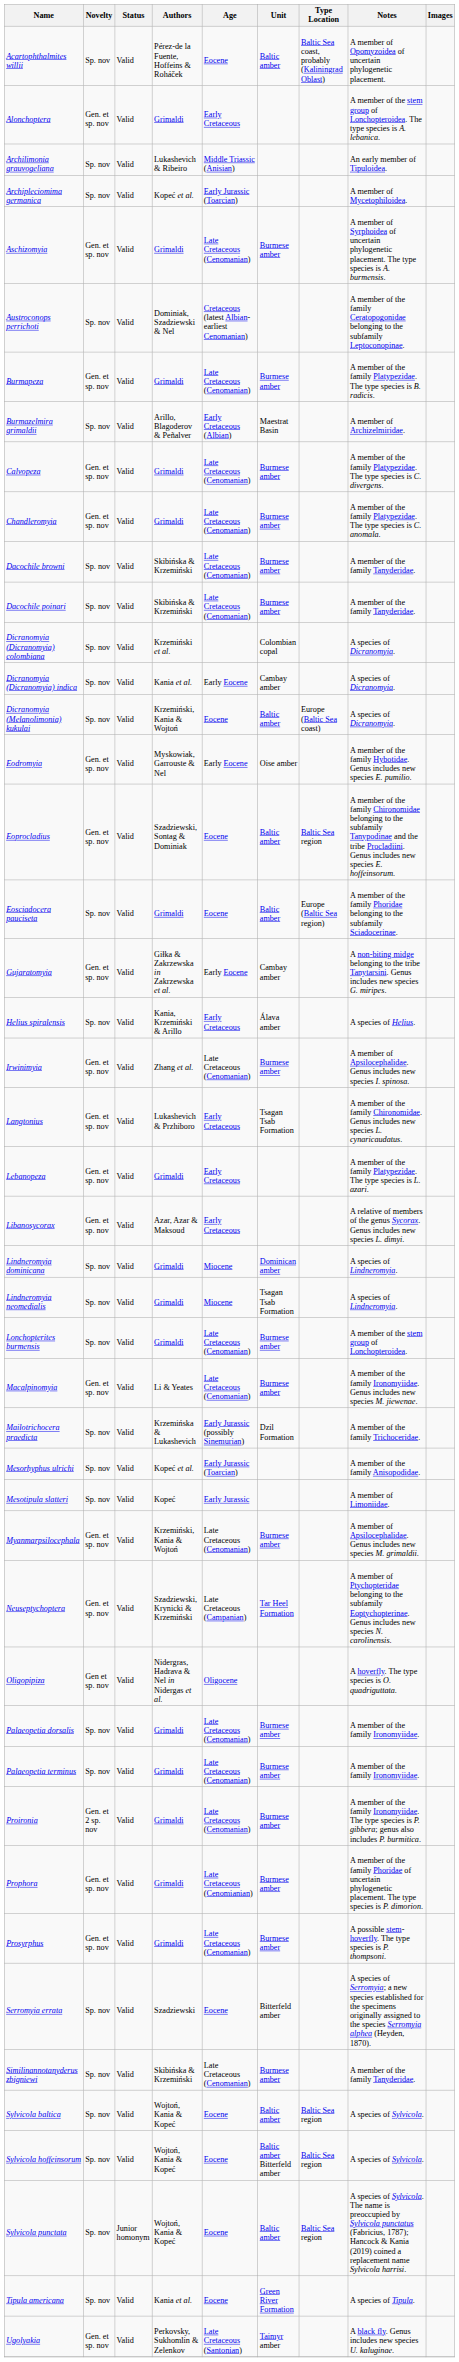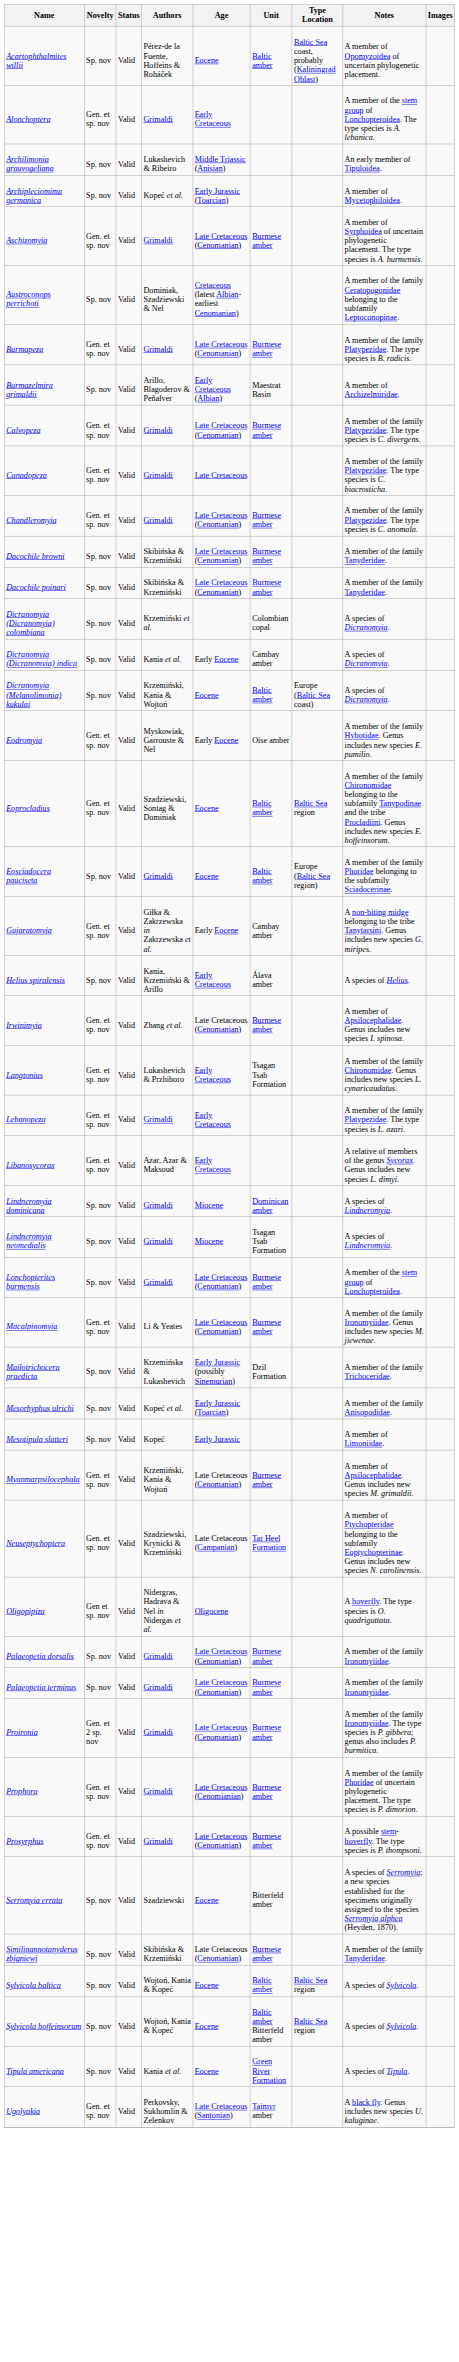 <table class="wikitable sortable" align="center" width="100%">
 <tr>
 <th>Name</th>
 <th>Novelty</th>
 <th>Status</th>
 <th>Authors</th>
 <th>Age</th>
 <th>Unit</th>
 <th>Type Location</th>
 <th>Notes</th>
 <th>Images</th>
 </tr>
 <tr>
 <td><br><em><a href='#'>Acartophthalmites willii</a></em></td>
 <td><br>Sp. nov</td>
 <td><br>Valid</td>
 <td><br>Pérez-de la Fuente, Hoffeins & Roháček</td>
 <td><br><a href='#'>Eocene</a></td>
 <td><br><a href='#'>Baltic amber</a></td>
 <td><br><a href='#'>Baltic Sea</a> coast, probably  (<a href='#'>Kaliningrad Oblast</a>)</td>
 <td><br>A member of <a href='#'>Opomyzoidea</a> of uncertain phylogenetic placement.</td>
 <td></td>
 </tr>
 <tr>
 <td><br><em><a href='#'>Alonchoptera</a></em></td>
 <td><br>Gen. et sp. nov</td>
 <td><br>Valid</td>
 <td><br><a href='#'>Grimaldi</a></td>
 <td><br><a href='#'>Early Cretaceous</a></td>
 <td></td>
 <td><br></td>
 <td><br>A member of the <a href='#'>stem group</a> of <a href='#'>Lonchopteroidea</a>. The type species is <em>A. lebanica</em>.</td>
 <td></td>
 </tr>
 <tr>
 <td><br><em><a href='#'>Archilimonia grauvogeliana</a></em></td>
 <td><br>Sp. nov</td>
 <td><br>Valid</td>
 <td><br>Lukashevich & Ribeiro</td>
 <td><br><a href='#'>Middle Triassic</a> (<a href='#'>Anisian</a>)</td>
 <td></td>
 <td><br></td>
 <td><br>An early member of <a href='#'>Tipuloidea</a>.</td>
 <td></td>
 </tr>
 <tr>
 <td><br><em><a href='#'>Archipleciomima germanica</a></em></td>
 <td><br>Sp. nov</td>
 <td><br>Valid</td>
 <td><br>Kopeć <em>et al.</em></td>
 <td><br><a href='#'>Early Jurassic</a> (<a href='#'>Toarcian</a>)</td>
 <td></td>
 <td><br></td>
 <td><br>A member of <a href='#'>Mycetophiloidea</a>.</td>
 <td></td>
 </tr>
 <tr>
 <td><br><em><a href='#'>Aschizomyia</a></em></td>
 <td><br>Gen. et sp. nov</td>
 <td><br>Valid</td>
 <td><br><a href='#'>Grimaldi</a></td>
 <td><br><a href='#'>Late Cretaceous</a> (<a href='#'>Cenomanian</a>)</td>
 <td><br><a href='#'>Burmese amber</a></td>
 <td><br></td>
 <td><br>A member of <a href='#'>Syrphoidea</a> of uncertain phylogenetic placement. The type species is <em>A. burmensis</em>.</td>
 <td></td>
 </tr>
 <tr>
 <td><br><em><a href='#'>Austroconops perrichoti</a></em></td>
 <td><br>Sp. nov</td>
 <td><br>Valid</td>
 <td><br>Dominiak, Szadziewski & Nel</td>
 <td><br><a href='#'>Cretaceous</a> (latest <a href='#'>Albian</a>-earliest <a href='#'>Cenomanian</a>)</td>
 <td></td>
 <td><br></td>
 <td><br>A member of the family <a href='#'>Ceratopogonidae</a> belonging to the subfamily <a href='#'>Leptoconopinae</a>.</td>
 <td></td>
 </tr>
 <tr>
 <td><br><em><a href='#'>Burmapeza</a></em></td>
 <td><br>Gen. et sp. nov</td>
 <td><br>Valid</td>
 <td><br><a href='#'>Grimaldi</a></td>
 <td><br><a href='#'>Late Cretaceous</a> (<a href='#'>Cenomanian</a>)</td>
 <td><br><a href='#'>Burmese amber</a></td>
 <td><br></td>
 <td><br>A member of the family <a href='#'>Platypezidae</a>. The type species is <em>B. radicis</em>.</td>
 <td></td>
 </tr>
 <tr>
 <td><br><em><a href='#'>Burmazelmira grimaldii</a></em></td>
 <td><br>Sp. nov</td>
 <td><br>Valid</td>
 <td><br>Arillo, Blagoderov & Peñalver</td>
 <td><br><a href='#'>Early Cretaceous</a> (<a href='#'>Albian</a>)</td>
 <td><br>Maestrat Basin</td>
 <td><br></td>
 <td><br>A member of <a href='#'>Archizelmiridae</a>.</td>
 <td></td>
 </tr>
 <tr>
 <td><br><em><a href='#'>Calvopeza</a></em></td>
 <td><br>Gen. et sp. nov</td>
 <td><br>Valid</td>
 <td><br><a href='#'>Grimaldi</a></td>
 <td><br><a href='#'>Late Cretaceous</a> (<a href='#'>Cenomanian</a>)</td>
 <td><br><a href='#'>Burmese amber</a></td>
 <td><br></td>
 <td><br>A member of the family <a href='#'>Platypezidae</a>. The type species is <em>C. divergens</em>.</td>
+<td></td>
+</tr>
+<tr>
+<td><br><em><a href='#'>Canadopeza</a></em></td>
+<td><br>Gen. et sp. nov</td>
+<td><br>Valid</td>
+<td><br><a href='#'>Grimaldi</a></td>
+<td><br><a href='#'>Late Cretaceous</a></td>
+<td></td>
+<td><br></td>
+<td><br>A member of the family <a href='#'>Platypezidae</a>. The type species is <em>C. biacrosticha</em>.</td>
 <td></td>
 </tr>
 <tr>
 <td><br><em><a href='#'>Chandleromyia</a></em></td>
 <td><br>Gen. et sp. nov</td>
 <td><br>Valid</td>
 <td><br><a href='#'>Grimaldi</a></td>
 <td><br><a href='#'>Late Cretaceous</a> (<a href='#'>Cenomanian</a>)</td>
 <td><br><a href='#'>Burmese amber</a></td>
 <td><br></td>
 <td><br>A member of the family <a href='#'>Platypezidae</a>. The type species is <em>C. anomala</em>.</td>
 <td></td>
 </tr>
 <tr>
 <td><br><em><a href='#'>Dacochile browni</a></em></td>
 <td><br>Sp. nov</td>
 <td><br>Valid</td>
 <td><br>Skibińska & Krzemiński</td>
 <td><br><a href='#'>Late Cretaceous</a> (<a href='#'>Cenomanian</a>)</td>
 <td><br><a href='#'>Burmese amber</a></td>
 <td><br></td>
 <td><br>A member of the family <a href='#'>Tanyderidae</a>.</td>
 <td></td>
 </tr>
 <tr>
 <td><br><em><a href='#'>Dacochile poinari</a></em></td>
 <td><br>Sp. nov</td>
 <td><br>Valid</td>
 <td><br>Skibińska & Krzemiński</td>
 <td><br><a href='#'>Late Cretaceous</a> (<a href='#'>Cenomanian</a>)</td>
 <td><br><a href='#'>Burmese amber</a></td>
 <td><br></td>
 <td><br>A member of the family <a href='#'>Tanyderidae</a>.</td>
 <td></td>
 </tr>
 <tr>
 <td><br><em><a href='#'>Dicranomyia (Dicranomyia) colombiana</a></em></td>
 <td><br>Sp. nov</td>
 <td><br>Valid</td>
 <td><br>Krzemiński <em>et al.</em></td>
 <td></td>
 <td><br>Colombian copal</td>
 <td><br></td>
 <td><br>A species of <em><a href='#'>Dicranomyia</a></em>.</td>
 <td></td>
 </tr>
 <tr>
 <td><br><em><a href='#'>Dicranomyia (Dicranomyia) indica</a></em></td>
 <td><br>Sp. nov</td>
 <td><br>Valid</td>
 <td><br>Kania <em>et al.</em></td>
 <td><br>Early <a href='#'>Eocene</a></td>
 <td><br>Cambay amber</td>
 <td><br></td>
 <td><br>A species of <em><a href='#'>Dicranomyia</a></em>.</td>
 <td></td>
 </tr>
 <tr>
 <td><br><em><a href='#'>Dicranomyia (Melanolimonia) kukulai</a></em></td>
 <td><br>Sp. nov</td>
 <td><br>Valid</td>
 <td><br>Krzemiński, Kania & Wojtoń</td>
 <td><br><a href='#'>Eocene</a></td>
 <td><br><a href='#'>Baltic amber</a></td>
 <td><br>Europe (<a href='#'>Baltic Sea</a> coast)</td>
 <td><br>A species of <em><a href='#'>Dicranomyia</a></em>.</td>
 <td></td>
 </tr>
 <tr>
 <td><br><em><a href='#'>Eodromyia</a></em></td>
 <td><br>Gen. et sp. nov</td>
 <td><br>Valid</td>
 <td><br>Myskowiak, Garrouste & Nel</td>
 <td><br>Early <a href='#'>Eocene</a></td>
 <td><br>Oise amber</td>
 <td><br></td>
 <td><br>A member of the family <a href='#'>Hybotidae</a>. Genus includes new species <em>E. pumilio</em>.</td>
 <td></td>
 </tr>
 <tr>
 <td><br><em><a href='#'>Eoprocladius</a></em></td>
 <td><br>Gen. et sp. nov</td>
 <td><br>Valid</td>
 <td><br>Szadziewski, Sontag & Dominiak</td>
 <td><br><a href='#'>Eocene</a></td>
 <td><br><a href='#'>Baltic amber</a></td>
 <td><br><a href='#'>Baltic Sea</a> region</td>
 <td><br>A member of the family <a href='#'>Chironomidae</a> belonging to the subfamily <a href='#'>Tanypodinae</a> and the tribe <a href='#'>Procladiini</a>. Genus includes new species <em>E. hoffeinsorum</em>.</td>
 <td></td>
 </tr>
 <tr>
 <td><br><em><a href='#'>Eosciadocera pauciseta</a></em></td>
 <td><br>Sp. nov</td>
 <td><br>Valid</td>
 <td><br><a href='#'>Grimaldi</a></td>
 <td><br><a href='#'>Eocene</a></td>
 <td><br><a href='#'>Baltic amber</a></td>
 <td><br>Europe (<a href='#'>Baltic Sea</a> region)</td>
 <td><br>A member of the family <a href='#'>Phoridae</a> belonging to the subfamily <a href='#'>Sciadocerinae</a>.</td>
 <td></td>
 </tr>
 <tr>
 <td><br><em><a href='#'>Gujaratomyia</a></em></td>
 <td><br>Gen. et sp. nov</td>
 <td><br>Valid</td>
 <td><br>Giłka & Zakrzewska <em>in</em> Zakrzewska <em>et al.</em></td>
 <td><br>Early <a href='#'>Eocene</a></td>
 <td><br>Cambay amber</td>
 <td><br></td>
 <td><br>A <a href='#'>non-biting midge</a> belonging to the tribe <a href='#'>Tanytarsini</a>. Genus includes new species <em>G. miripes</em>.</td>
 <td></td>
 </tr>
 <tr>
 <td><br><em><a href='#'>Helius spiralensis</a></em></td>
 <td><br>Sp. nov</td>
 <td><br>Valid</td>
 <td><br>Kania, Krzemiński & Arillo</td>
 <td><br><a href='#'>Early Cretaceous</a></td>
 <td><br>Álava amber</td>
 <td><br></td>
 <td><br>A species of <em><a href='#'>Helius</a></em>.</td>
 <td></td>
 </tr>
 <tr>
 <td><br><em><a href='#'>Irwinimyia</a></em></td>
 <td><br>Gen. et sp. nov</td>
 <td><br>Valid</td>
 <td><br>Zhang <em>et al.</em></td>
 <td><br>Late Cretaceous (<a href='#'>Cenomanian</a>)</td>
 <td><br><a href='#'>Burmese amber</a></td>
 <td><br></td>
 <td><br>A member of <a href='#'>Apsilocephalidae</a>. Genus includes new species <em>I. spinosa</em>.</td>
 <td></td>
 </tr>
 <tr>
 <td><br><em><a href='#'>Langtonius</a></em></td>
 <td><br>Gen. et sp. nov</td>
 <td><br>Valid</td>
 <td><br>Lukashevich & Przhiboro</td>
 <td><br><a href='#'>Early Cretaceous</a></td>
 <td><br>Tsagan Tsab Formation</td>
 <td><br></td>
 <td><br>A member of the family <a href='#'>Chironomidae</a>. Genus includes new species <em>L. cynaricaudatus</em>.</td>
 <td></td>
 </tr>
 <tr>
 <td><br><em><a href='#'>Lebanopeza</a></em></td>
 <td><br>Gen. et sp. nov</td>
 <td><br>Valid</td>
 <td><br><a href='#'>Grimaldi</a></td>
 <td><br><a href='#'>Early Cretaceous</a></td>
 <td></td>
 <td><br></td>
 <td><br>A member of the family <a href='#'>Platypezidae</a>. The type species is <em>L. azari</em>.</td>
 <td></td>
 </tr>
 <tr>
 <td><br><em><a href='#'>Libanosycorax</a></em></td>
 <td><br>Gen. et sp. nov</td>
 <td><br>Valid</td>
 <td><br>Azar, Azar & Maksoud</td>
 <td><br><a href='#'>Early Cretaceous</a></td>
 <td></td>
 <td><br></td>
 <td><br>A relative of members of the genus <em><a href='#'>Sycorax</a></em>. Genus includes new species <em>L. dimyi</em>.</td>
 <td></td>
 </tr>
 <tr>
 <td><br><em><a href='#'>Lindneromyia dominicana</a></em></td>
 <td><br>Sp. nov</td>
 <td><br>Valid</td>
 <td><br><a href='#'>Grimaldi</a></td>
 <td><br><a href='#'>Miocene</a></td>
 <td><br><a href='#'>Dominican amber</a></td>
 <td><br></td>
 <td><br>A species of <em><a href='#'>Lindneromyia</a></em>.</td>
 <td></td>
 </tr>
 <tr>
 <td><br><em><a href='#'>Lindneromyia neomedialis</a></em></td>
 <td><br>Sp. nov</td>
 <td><br>Valid</td>
 <td><br><a href='#'>Grimaldi</a></td>
 <td><br><a href='#'>Miocene</a></td>
 <td><br>Tsagan Tsab Formation</td>
 <td><br></td>
 <td><br>A species of <em><a href='#'>Lindneromyia</a></em>.</td>
 <td></td>
 </tr>
 <tr>
 <td><br><em><a href='#'>Lonchopterites burmensis</a></em></td>
 <td><br>Sp. nov</td>
 <td><br>Valid</td>
 <td><br><a href='#'>Grimaldi</a></td>
 <td><br><a href='#'>Late Cretaceous</a> (<a href='#'>Cenomanian</a>)</td>
 <td><br><a href='#'>Burmese amber</a></td>
 <td><br></td>
 <td><br>A member of the <a href='#'>stem group</a> of <a href='#'>Lonchopteroidea</a>.</td>
 <td></td>
 </tr>
 <tr>
 <td><br><em><a href='#'>Macalpinomyia</a></em></td>
 <td><br>Gen. et sp. nov</td>
 <td><br>Valid</td>
 <td><br>Li & Yeates</td>
 <td><br><a href='#'>Late Cretaceous</a> (<a href='#'>Cenomanian</a>)</td>
 <td><br><a href='#'>Burmese amber</a></td>
 <td><br></td>
 <td><br>A member of the family <a href='#'>Ironomyiidae</a>. Genus includes new species <em>M. jiewenae</em>.</td>
 <td></td>
 </tr>
 <tr>
 <td><br><em><a href='#'>Mailotrichocera praedicta</a></em></td>
 <td><br>Sp. nov</td>
 <td><br>Valid</td>
 <td><br>Krzemińska & Lukashevich</td>
 <td><br><a href='#'>Early Jurassic</a> (possibly <a href='#'>Sinemurian</a>)</td>
 <td><br>Dzil Formation</td>
 <td><br></td>
 <td><br>A member of the family <a href='#'>Trichoceridae</a>.</td>
 <td></td>
 </tr>
 <tr>
 <td><br><em><a href='#'>Mesorhyphus ulrichi</a></em></td>
 <td><br>Sp. nov</td>
 <td><br>Valid</td>
 <td><br>Kopeć <em>et al.</em></td>
 <td><br><a href='#'>Early Jurassic</a> (<a href='#'>Toarcian</a>)</td>
 <td></td>
 <td><br></td>
 <td><br>A member of the family <a href='#'>Anisopodidae</a>.</td>
 <td></td>
 </tr>
 <tr>
 <td><br><em><a href='#'>Mesotipula slatteri</a></em></td>
 <td><br>Sp. nov</td>
 <td><br>Valid</td>
 <td><br>Kopeć</td>
 <td><br><a href='#'>Early Jurassic</a></td>
 <td></td>
 <td><br></td>
 <td><br>A member of <a href='#'>Limoniidae</a>.</td>
 <td></td>
 </tr>
 <tr>
 <td><br><em><a href='#'>Myanmarpsilocephala</a></em></td>
 <td><br>Gen. et sp. nov</td>
 <td><br>Valid</td>
 <td><br>Krzemiński, Kania & Wojtoń</td>
 <td><br>Late Cretaceous (<a href='#'>Cenomanian</a>)</td>
 <td><br><a href='#'>Burmese amber</a></td>
 <td><br></td>
 <td><br>A member of <a href='#'>Apsilocephalidae</a>. Genus includes new species <em>M. grimaldii</em>.</td>
 <td></td>
 </tr>
 <tr>
 <td><br><em><a href='#'>Neuseptychoptera</a></em></td>
 <td><br>Gen. et sp. nov</td>
 <td><br>Valid</td>
 <td><br>Szadziewski, Krynicki & Krzemiński</td>
 <td><br>Late Cretaceous (<a href='#'>Campanian</a>)</td>
 <td><br><a href='#'>Tar Heel Formation</a></td>
 <td><br></td>
 <td><br>A member of <a href='#'>Ptychopteridae</a> belonging to the subfamily <a href='#'>Eoptychopterinae</a>. Genus includes new species <em>N. carolinensis</em>.</td>
 <td></td>
 </tr>
 <tr>
 <td><br><em><a href='#'>Oligopipiza</a></em></td>
 <td><br>Gen et sp. nov</td>
 <td><br>Valid</td>
 <td><br>Nidergras, Hadrava & Nel <em>in</em> Nidergas <em>et al.</em></td>
 <td><br><a href='#'>Oligocene</a></td>
 <td></td>
 <td><br></td>
 <td><br>A <a href='#'>hoverfly</a>. The type species is <em>O. quadriguttata</em>.</td>
 <td></td>
 </tr>
 <tr>
 <td><br><em><a href='#'>Palaeopetia dorsalis</a></em></td>
 <td><br>Sp. nov</td>
 <td><br>Valid</td>
 <td><br><a href='#'>Grimaldi</a></td>
 <td><br><a href='#'>Late Cretaceous</a> (<a href='#'>Cenomanian</a>)</td>
 <td><br><a href='#'>Burmese amber</a></td>
 <td><br></td>
 <td><br>A member of the family <a href='#'>Ironomyiidae</a>.</td>
 <td></td>
 </tr>
 <tr>
 <td><br><em><a href='#'>Palaeopetia terminus</a></em></td>
 <td><br>Sp. nov</td>
 <td><br>Valid</td>
 <td><br><a href='#'>Grimaldi</a></td>
 <td><br><a href='#'>Late Cretaceous</a> (<a href='#'>Cenomanian</a>)</td>
 <td><br><a href='#'>Burmese amber</a></td>
 <td><br></td>
 <td><br>A member of the family <a href='#'>Ironomyiidae</a>.</td>
 <td></td>
 </tr>
 <tr>
 <td><br><em><a href='#'>Proironia</a></em></td>
 <td><br>Gen. et 2 sp. nov</td>
 <td><br>Valid</td>
 <td><br><a href='#'>Grimaldi</a></td>
 <td><br><a href='#'>Late Cretaceous</a> (<a href='#'>Cenomanian</a>)</td>
 <td><br><a href='#'>Burmese amber</a></td>
 <td><br></td>
 <td><br>A member of the family <a href='#'>Ironomyiidae</a>. The type species is <em>P. gibbera</em>; genus also includes <em>P. burmitica</em>.</td>
 <td></td>
 </tr>
 <tr>
 <td><br><em><a href='#'>Prophora</a></em></td>
 <td><br>Gen. et sp. nov</td>
 <td><br>Valid</td>
 <td><br><a href='#'>Grimaldi</a></td>
 <td><br><a href='#'>Late Cretaceous</a> (<a href='#'>Cenomianian</a>)</td>
 <td><br><a href='#'>Burmese amber</a></td>
 <td><br></td>
 <td><br>A member of the family <a href='#'>Phoridae</a> of uncertain phylogenetic placement. The type species is <em>P. dimorion</em>.</td>
 <td></td>
 </tr>
 <tr>
 <td><br><em><a href='#'>Prosyrphus</a></em></td>
 <td><br>Gen. et sp. nov</td>
 <td><br>Valid</td>
 <td><br><a href='#'>Grimaldi</a></td>
 <td><br><a href='#'>Late Cretaceous</a> (<a href='#'>Cenomanian</a>)</td>
 <td><br><a href='#'>Burmese amber</a></td>
 <td><br></td>
 <td><br>A possible <a href='#'>stem</a>-<a href='#'>hoverfly</a>. The type species is <em>P. thompsoni</em>.</td>
 <td></td>
 </tr>
 <tr>
 <td><br><em><a href='#'>Serromyia errata</a></em></td>
 <td><br>Sp. nov</td>
 <td><br>Valid</td>
 <td><br>Szadziewski</td>
 <td><br><a href='#'>Eocene</a></td>
 <td><br>Bitterfeld amber</td>
 <td><br></td>
 <td><br>A species of <em><a href='#'>Serromyia</a></em>; a new species established for the specimens originally assigned to the species <em><a href='#'>Serromyia alphea</a></em> (Heyden, 1870).</td>
 <td></td>
 </tr>
 <tr>
 <td><br><em><a href='#'>Similinannotanyderus zbigniewi</a></em></td>
 <td><br>Sp. nov</td>
 <td><br>Valid</td>
 <td><br>Skibińska & Krzemiński</td>
 <td><br>Late Cretaceous (<a href='#'>Cenomanian</a>)</td>
 <td><br><a href='#'>Burmese amber</a></td>
 <td><br></td>
 <td><br>A member of the family <a href='#'>Tanyderidae</a>.</td>
 <td></td>
 </tr>
 <tr>
 <td><br><em><a href='#'>Sylvicola baltica</a></em></td>
 <td><br>Sp. nov</td>
 <td><br>Valid</td>
 <td><br>Wojtoń, Kania & Kopeć</td>
 <td><br><a href='#'>Eocene</a></td>
 <td><br><a href='#'>Baltic amber</a></td>
 <td><br><a href='#'>Baltic Sea</a> region</td>
 <td><br>A species of <em><a href='#'>Sylvicola</a></em>.</td>
 <td></td>
 </tr>
 <tr>
 <td><br><em><a href='#'>Sylvicola hoffeinsorum</a></em></td>
 <td><br>Sp. nov</td>
 <td><br>Valid</td>
 <td><br>Wojtoń, Kania & Kopeć</td>
 <td><br><a href='#'>Eocene</a></td>
 <td><br><a href='#'>Baltic amber</a><br> Bitterfeld amber</td>
 <td><br><a href='#'>Baltic Sea</a> region<br> </td>
 <td><br>A species of <em><a href='#'>Sylvicola</a></em>.</td>
 <td></td>
 </tr>
 <tr>
-<td><br><em><a href='#'>Sylvicola punctata</a></em></td>
-<td><br>Sp. nov</td>
-<td><br>Junior homonym</td>
-<td><br>Wojtoń, Kania & Kopeć</td>
-<td><br><a href='#'>Eocene</a></td>
-<td><br><a href='#'>Baltic amber</a></td>
-<td><br><a href='#'>Baltic Sea</a> region</td>
-<td><br>A species of <em><a href='#'>Sylvicola</a></em>. The name is preoccupied by <em><a href='#'>Sylvicola punctatus</a></em> (Fabricius, 1787); Hancock & Kania (2019) coined a replacement name <em>Sylvicola harrisi</em>.</td>
-<td></td>
-</tr>
-<tr>
 <td><br><em><a href='#'>Tipula americana</a></em></td>
 <td><br>Sp. nov</td>
 <td><br>Valid</td>
 <td><br>Kania <em>et al.</em></td>
 <td><br><a href='#'>Eocene</a></td>
 <td><br><a href='#'>Green River Formation</a></td>
 <td><br></td>
 <td><br>A species of <em><a href='#'>Tipula</a></em>.</td>
 <td></td>
 </tr>
 <tr>
 <td><br><em><a href='#'>Ugolyakia</a></em></td>
 <td><br>Gen. et sp. nov</td>
 <td><br>Valid</td>
 <td><br>Perkovsky, Sukhomlin & Zelenkov</td>
 <td><br><a href='#'>Late Cretaceous</a> (<a href='#'>Santonian</a>)</td>
 <td><br><a href='#'>Taimyr</a> amber</td>
 <td><br></td>
 <td><br>A <a href='#'>black fly</a>. Genus includes new species <em>U. kaluginae</em>.</td>
 <td></td>
 </tr>
 <tr>
 </tr>
 </table>
